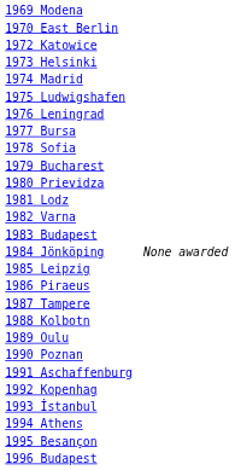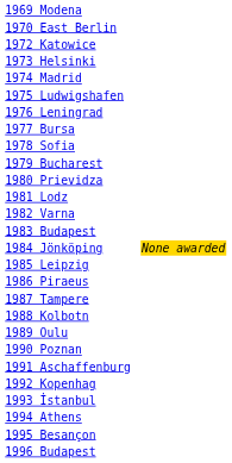 <table>
 <tr>
 <td><a href='#'>1969 Modena</a></td>
 <td></td>
 <td></td>
 <td></td>
 </tr>
 <tr>
 <td><a href='#'>1970 East Berlin</a></td>
 <td></td>
 <td></td>
 <td></td>
 </tr>
 <tr>
 <td><a href='#'>1972 Katowice</a></td>
 <td></td>
 <td></td>
 <td></td>
 </tr>
 <tr>
 <td><a href='#'>1973 Helsinki</a></td>
 <td></td>
 <td></td>
 <td></td>
 </tr>
 <tr>
 <td><a href='#'>1974 Madrid</a></td>
 <td></td>
 <td></td>
 <td></td>
 </tr>
 <tr>
 <td><a href='#'>1975 Ludwigshafen</a></td>
 <td></td>
 <td></td>
 <td></td>
 </tr>
 <tr>
 <td><a href='#'>1976 Leningrad</a></td>
 <td></td>
 <td></td>
 <td></td>
 </tr>
 <tr>
 <td><a href='#'>1977 Bursa</a></td>
 <td></td>
 <td></td>
 <td></td>
 </tr>
 <tr>
 <td><a href='#'>1978 Sofia</a></td>
 <td></td>
 <td></td>
 <td></td>
 </tr>
 <tr>
 <td><a href='#'>1979 Bucharest</a></td>
 <td></td>
 <td></td>
 <td></td>
 </tr>
 <tr>
 <td><a href='#'>1980 Prievidza</a></td>
 <td></td>
 <td></td>
 <td></td>
 </tr>
 <tr>
 <td><a href='#'>1981 Lodz</a></td>
 <td></td>
 <td></td>
 <td></td>
 </tr>
 <tr>
 <td><a href='#'>1982 Varna</a></td>
 <td></td>
 <td></td>
 <td></td>
 </tr>
 <tr>
 <td><a href='#'>1983 Budapest</a></td>
 <td></td>
 <td></td>
 <td></td>
 </tr>
 <tr>
 <td><a href='#'>1984 Jönköping</a></td>
 <td></td>
 <td><br></td>
-<td><em>None awarded</em></td>
+<td style="background: gold;"><em>None awarded</em></td>
 </tr>
 <tr>
 <td><a href='#'>1985 Leipzig</a></td>
 <td></td>
 <td></td>
 <td></td>
 </tr>
 <tr>
 <td><a href='#'>1986 Piraeus</a></td>
 <td></td>
 <td></td>
 <td></td>
 </tr>
 <tr>
 <td><a href='#'>1987 Tampere</a></td>
 <td></td>
 <td></td>
 <td></td>
 </tr>
 <tr>
 <td><a href='#'>1988 Kolbotn</a></td>
 <td></td>
 <td></td>
 <td></td>
 </tr>
 <tr>
 <td><a href='#'>1989 Oulu</a></td>
 <td></td>
 <td></td>
 <td></td>
 </tr>
 <tr>
 <td><a href='#'>1990 Poznan</a></td>
 <td></td>
 <td></td>
 <td></td>
 </tr>
 <tr>
 <td><a href='#'>1991 Aschaffenburg</a></td>
 <td></td>
 <td></td>
 <td></td>
 </tr>
 <tr>
 <td><a href='#'>1992 Kopenhag</a></td>
 <td></td>
 <td></td>
 <td></td>
 </tr>
 <tr>
 <td><a href='#'>1993 İstanbul</a></td>
 <td></td>
 <td></td>
 <td></td>
 </tr>
 <tr>
 <td><a href='#'>1994 Athens</a></td>
 <td></td>
 <td></td>
 <td></td>
 </tr>
 <tr>
 <td><a href='#'>1995 Besançon</a></td>
 <td></td>
 <td></td>
 <td></td>
 </tr>
 <tr>
 <td><a href='#'>1996 Budapest</a></td>
 <td></td>
 <td></td>
 <td></td>
 </tr>
 <tr>
 </tr>
 </table>
